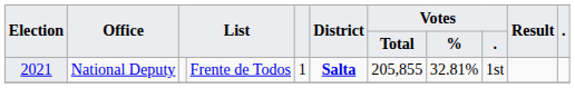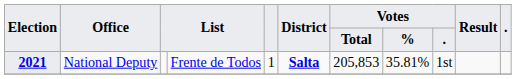 <table class="wikitable" style="font-size:90%; text-align:center;">
 <tr>
 <th style="background-color:#EAECF0;" rowspan=2>Election</th>
 <th style="background-color:#EAECF0;" rowspan=2>Office</th>
 <th style="background-color:#EAECF0;" colspan=2 rowspan=2>List</th>
 <th style="background-color:#EAECF0;" rowspan=2></th>
 <th style="background-color:#EAECF0;" rowspan=2>District</th>
 <th style="background-color:#EAECF0;" colspan=3>Votes</th>
 <th style="background-color:#EAECF0;" rowspan=2>Result</th>
 <th style="background-color:#EAECF0;" rowspan=2>.</th>
 </tr>
 <tr>
 <th style="background-color:#EAECF0;">Total</th>
 <th style="background-color:#EAECF0;">%</th>
 <th style="background-color:#EAECF0;">.</th>
 </tr>
 <tr>
-<td style="background-color:#EAECF0;"><a href='#'>2021</a></td>
+<td style="background-color:#EAECF0;"><strong><a href='#'>2021</a></strong></td>
 <td><a href='#'>National Deputy</a></td>
 <td style="background-color:"></td>
 <td><a href='#'>Frente de Todos</a></td>
 <td>1</td>
 <td><strong><a href='#'>Salta</a></strong></td>
-<td>205,855</td>
-<td>32.81%</td>
+<td>205,853</td>
+<td>35.81%</td>
 <td>1st</td>
 <td></td>
 <td></td>
 </tr>
 <tr>
 </tr>
 </table>
